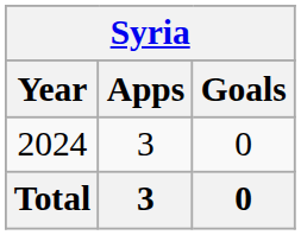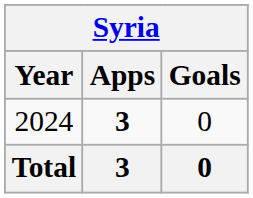 <table class=wikitable style=text-align:center>
 <tr>
 <th colspan=4><a href='#'>Syria</a></th>
 </tr>
 <tr>
 <th>Year</th>
 <th>Apps</th>
 <th>Goals</th>
 </tr>
 <tr>
 <td>2024</td>
-<td>3</td>
+<td><strong>3</strong></td>
 <td>0</td>
 </tr>
 <tr>
 <th colspan=1>Total</th>
 <th>3</th>
 <th>0</th>
 </tr>
 </table>
